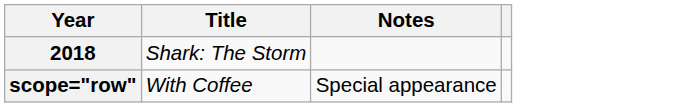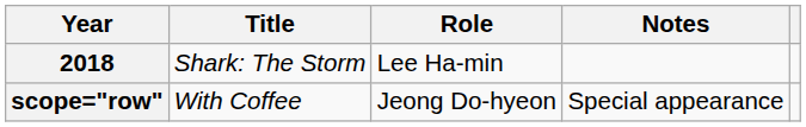 <table class="wikitable  plainrowheaders">
 <tr>
 <th scope="col">Year</th>
 <th scope="col">Title</th>
+<th scope="col">Role</th>
 <th>Notes</th>
 <th scope="col" class="unsortable"></th>
 </tr>
 <tr>
 <th scope="row">2018</th>
 <td><em> Shark: The Storm</em></td>
+<td>Lee Ha-min</td>
 <td></td>
 <td></td>
 </tr>
 <tr>
 <th>scope="row" </th>
 <td><em>With Coffee</em></td>
+<td>Jeong Do-hyeon</td>
 <td>Special appearance</td>
 <td></td>
 </tr>
 </table>
